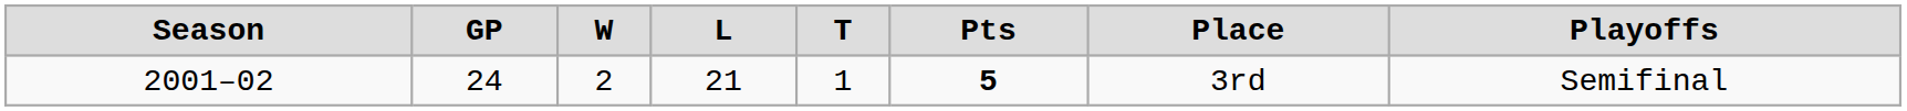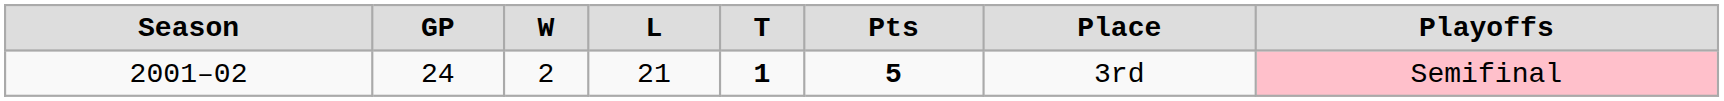 <table class="wikitable" width=40%>
 <tr style="font-weight:bold; background-color:#dddddd;" align="center" |>
 <td>Season</td>
 <td>GP</td>
 <td>W</td>
 <td>L</td>
 <td>T</td>
 <td>Pts</td>
 <td>Place</td>
 <td>Playoffs</td>
 </tr>
 <tr align="center">
 <td>2001–02</td>
 <td>24</td>
 <td>2</td>
 <td>21</td>
-<td>1</td>
+<td><strong>1</strong></td>
 <td><strong>5</strong></td>
 <td>3rd</td>
-<td>Semifinal</td>
+<td style="background: pink;">Semifinal</td>
 </tr>
 </table>
